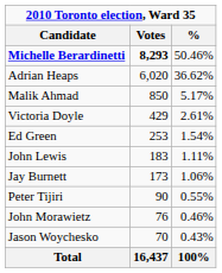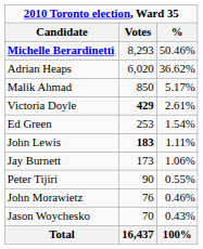 <table class="wikitable">
 <tr>
 <td Colspan="3" align="center"><strong><a href='#'>2010 Toronto election</a>, Ward 35</strong></td>
 </tr>
 <tr>
 <th bgcolor="#DDDDFF" width="150px">Candidate</th>
 <th bgcolor="#DDDDFF">Votes</th>
 <th bgcolor="#DDDDFF">%</th>
 </tr>
 <tr>
 <td><strong><a href='#'>Michelle Berardinetti</a></strong></td>
-<td align=right><strong>8,293</strong></td>
+<td align=right>8,293</td>
 <td align=right>50.46%</td>
 </tr>
 <tr>
 <td>Adrian Heaps</td>
 <td align=right>6,020</td>
 <td align=right>36.62%</td>
 </tr>
 <tr>
 <td>Malik Ahmad</td>
 <td align=right>850</td>
 <td align=right>5.17%</td>
 </tr>
 <tr>
 <td>Victoria Doyle</td>
-<td align=right>429</td>
+<td align=right><strong>429</strong></td>
 <td align=right>2.61%</td>
 </tr>
 <tr>
 <td>Ed Green</td>
 <td align=right>253</td>
 <td align=right>1.54%</td>
 </tr>
 <tr>
 <td>John Lewis</td>
-<td align=right>183</td>
+<td align=right><strong>183</strong></td>
 <td align=right>1.11%</td>
 </tr>
 <tr>
 <td>Jay Burnett</td>
 <td align=right>173</td>
 <td align=right>1.06%</td>
 </tr>
 <tr>
 <td>Peter Tijiri</td>
 <td align=right>90</td>
 <td align=right>0.55%</td>
 </tr>
 <tr>
 <td>John Morawietz</td>
 <td align=right>76</td>
 <td align=right>0.46%</td>
 </tr>
 <tr>
 <td>Jason Woychesko</td>
 <td align=right>70</td>
 <td align=right>0.43%</td>
 </tr>
 <tr>
 <th>Total</th>
 <th align=right>16,437</th>
 <th align=right>100%</th>
 </tr>
 </table>
